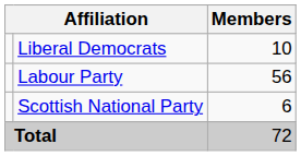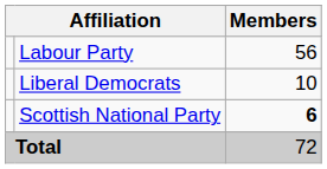 <table class="wikitable">
 <tr>
 <th colspan="2">Affiliation</th>
 <th>Members</th>
+</tr>
+<tr>
+<td style="color:inherit;background:"></td>
+<td><a href='#'>Labour Party</a></td>
+<td align="right">56</td>
 </tr>
 <tr>
 <td style="color:inherit;background:"></td>
 <td><a href='#'>Liberal Democrats</a></td>
 <td align="right">10</td>
 </tr>
 <tr>
 <td style="color:inherit;background:"></td>
-<td><a href='#'>Labour Party</a></td>
-<td align="right">56</td>
-</tr>
-<tr>
-<td style="color:inherit;background:"></td>
 <td><a href='#'>Scottish National Party</a></td>
-<td align="right">6</td>
+<td align="right"><strong>6</strong></td>
 </tr>
 <tr bgcolor="CCCCCC">
 <td colspan="2" rowspan="1"> <strong>Total</strong></td>
 <td align="right">72</td>
 </tr>
 </table>
